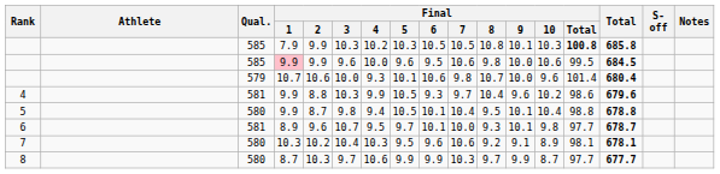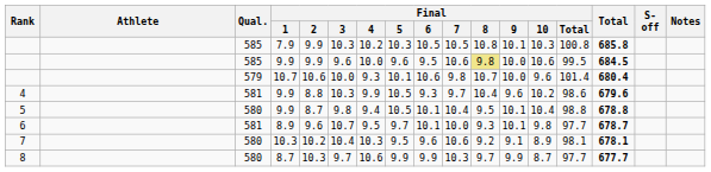 <table class="wikitable" style="text-align:center">
 <tr>
 <th rowspan=2 width=40>Rank</th>
 <th rowspan=2 width=250>Athlete</th>
 <th rowspan=2 width=40>Qual.</th>
 <th colspan=11>Final</th>
 <th rowspan=2 width=50>Total</th>
 <th rowspan=2 width=35>S-off</th>
 <th rowspan=2 width=45>Notes</th>
 </tr>
 <tr>
 <th width=30>1</th>
 <th width=30>2</th>
 <th width=30>3</th>
 <th width=30>4</th>
 <th width=30>5</th>
 <th width=30>6</th>
 <th width=30>7</th>
 <th width=30>8</th>
 <th width=30>9</th>
 <th width=30>10</th>
 <th width=40>Total</th>
 </tr>
 <tr>
 <td></td>
 <td align=left></td>
 <td>585</td>
 <td>7.9</td>
 <td>9.9</td>
 <td>10.3</td>
 <td>10.2</td>
 <td>10.3</td>
 <td>10.5</td>
 <td>10.5</td>
 <td>10.8</td>
 <td>10.1</td>
 <td>10.3</td>
-<td><strong>100.8</strong></td>
+<td>100.8</td>
 <td><strong>685.8</strong></td>
 <td></td>
 <td></td>
 </tr>
 <tr>
 <td></td>
 <td align=left></td>
 <td>585</td>
-<td style="background: pink;">9.9</td>
+<td>9.9</td>
 <td>9.9</td>
 <td>9.6</td>
 <td>10.0</td>
 <td>9.6</td>
 <td>9.5</td>
 <td>10.6</td>
-<td>9.8</td>
+<td style="background: khaki;">9.8</td>
 <td>10.0</td>
 <td>10.6</td>
 <td>99.5</td>
 <td><strong>684.5</strong></td>
 <td></td>
 <td></td>
 </tr>
 <tr>
 <td></td>
 <td align=left></td>
 <td>579</td>
 <td>10.7</td>
 <td>10.6</td>
 <td>10.0</td>
 <td>9.3</td>
 <td>10.1</td>
 <td>10.6</td>
 <td>9.8</td>
 <td>10.7</td>
 <td>10.0</td>
 <td>9.6</td>
 <td>101.4</td>
 <td><strong>680.4</strong></td>
 <td></td>
 <td></td>
 </tr>
 <tr>
 <td>4</td>
 <td align=left></td>
 <td>581</td>
 <td>9.9</td>
 <td>8.8</td>
 <td>10.3</td>
 <td>9.9</td>
 <td>10.5</td>
 <td>9.3</td>
 <td>9.7</td>
 <td>10.4</td>
 <td>9.6</td>
 <td>10.2</td>
 <td>98.6</td>
 <td><strong>679.6</strong></td>
 <td></td>
 <td></td>
 </tr>
 <tr>
 <td>5</td>
 <td align=left></td>
 <td>580</td>
 <td>9.9</td>
 <td>8.7</td>
 <td>9.8</td>
 <td>9.4</td>
 <td>10.5</td>
 <td>10.1</td>
 <td>10.4</td>
 <td>9.5</td>
 <td>10.1</td>
 <td>10.4</td>
 <td>98.8</td>
 <td><strong>678.8</strong></td>
 <td></td>
 <td></td>
 </tr>
 <tr>
 <td>6</td>
 <td align=left></td>
 <td>581</td>
 <td>8.9</td>
 <td>9.6</td>
 <td>10.7</td>
 <td>9.5</td>
 <td>9.7</td>
 <td>10.1</td>
 <td>10.0</td>
 <td>9.3</td>
 <td>10.1</td>
 <td>9.8</td>
 <td>97.7</td>
 <td><strong>678.7</strong></td>
 <td></td>
 <td></td>
 </tr>
 <tr>
 <td>7</td>
 <td align=left></td>
 <td>580</td>
 <td>10.3</td>
 <td>10.2</td>
 <td>10.4</td>
 <td>10.3</td>
 <td>9.5</td>
 <td>9.6</td>
 <td>10.6</td>
 <td>9.2</td>
 <td>9.1</td>
 <td>8.9</td>
 <td>98.1</td>
 <td><strong>678.1</strong></td>
 <td></td>
 <td></td>
 </tr>
 <tr>
 <td>8</td>
 <td align=left></td>
 <td>580</td>
 <td>8.7</td>
 <td>10.3</td>
 <td>9.7</td>
 <td>10.6</td>
 <td>9.9</td>
 <td>9.9</td>
 <td>10.3</td>
 <td>9.7</td>
 <td>9.9</td>
 <td>8.7</td>
 <td>97.7</td>
 <td><strong>677.7</strong></td>
 <td></td>
 <td></td>
 </tr>
 </table>
